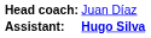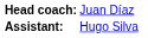 <table>
 <tr>
 <td><strong>Head coach:</strong></td>
 <td><a href='#'>Juan Díaz</a></td>
 </tr>
 <tr>
 <td><strong>Assistant:</strong></td>
-<td><strong><a href='#'>Hugo Silva</a></strong></td>
+<td><a href='#'>Hugo Silva</a></td>
 </tr>
 </table>
